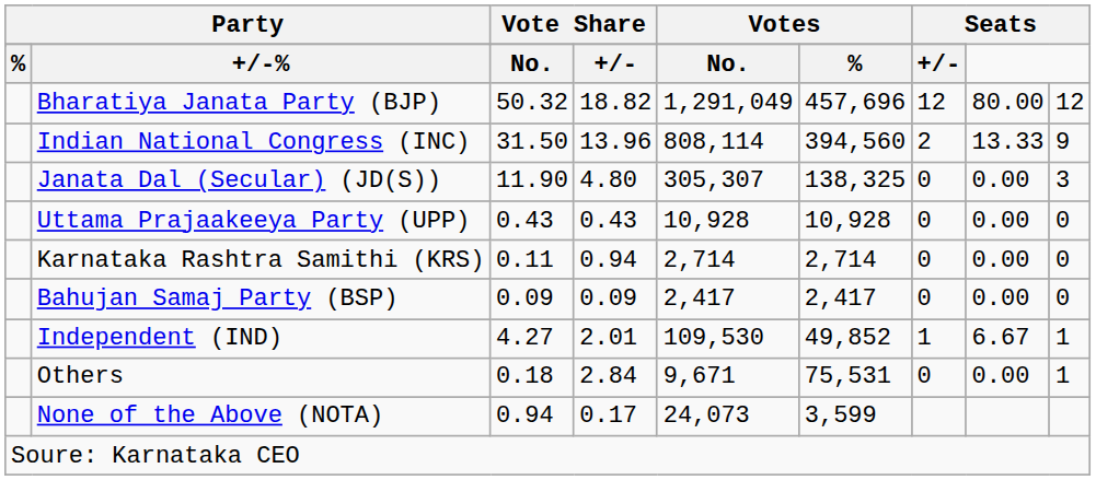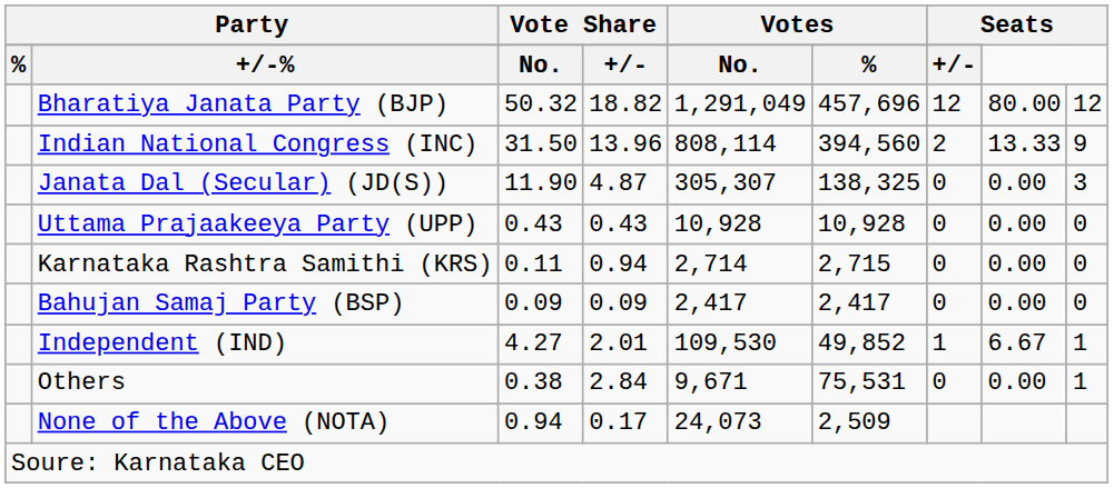 <table class="wikitable sortable">
 <tr>
 <th colspan="2" rowspan="2">Party</th>
 <th colspan="2">Vote Share</th>
 <th colspan="2">Votes</th>
 <th colspan="3">Seats</th>
 </tr>
 <tr>
 </tr>
 <tr>
 </tr>
 <tr>
 </tr>
 <tr>
 <th>%</th>
 <th>+/-%</th>
 <th>No.</th>
 <th>+/-</th>
 <th>No.</th>
 <th>%</th>
 <th>+/-</th>
 </tr>
 <tr>
 <td style="background-color:"></td>
 <td><a href='#'>Bharatiya Janata Party</a> (BJP)</td>
 <td>50.32</td>
 <td>18.82</td>
 <td>1,291,049</td>
 <td>457,696</td>
 <td>12</td>
 <td>80.00</td>
 <td>12</td>
 </tr>
 <tr>
 <td style="background-color: "></td>
 <td><a href='#'>Indian National Congress</a> (INC)</td>
 <td>31.50</td>
 <td>13.96</td>
 <td>808,114</td>
 <td>394,560</td>
 <td>2</td>
 <td>13.33</td>
 <td>9</td>
 </tr>
 <tr>
 <td style="background-color: "></td>
 <td><a href='#'>Janata Dal (Secular)</a> (JD(S))</td>
 <td>11.90</td>
-<td>4.80</td>
+<td>4.87</td>
 <td>305,307</td>
 <td>138,325</td>
 <td>0</td>
 <td>0.00</td>
 <td>3</td>
 </tr>
 <tr>
 <td style="background-color: "></td>
 <td><a href='#'>Uttama Prajaakeeya Party</a> (UPP)</td>
 <td>0.43</td>
 <td>0.43</td>
 <td>10,928</td>
 <td>10,928</td>
 <td>0</td>
 <td>0.00</td>
 <td>0</td>
 </tr>
 <tr>
 <td style="background-color: "></td>
 <td>Karnataka Rashtra Samithi (KRS)</td>
 <td>0.11</td>
 <td>0.94</td>
 <td>2,714</td>
-<td>2,714</td>
+<td>2,715</td>
 <td>0</td>
 <td>0.00</td>
 <td>0</td>
 </tr>
 <tr>
 <td style="background-color: "></td>
 <td><a href='#'>Bahujan Samaj Party</a> (BSP)</td>
 <td>0.09</td>
 <td>0.09</td>
 <td>2,417</td>
 <td>2,417</td>
 <td>0</td>
 <td>0.00</td>
 <td>0</td>
 </tr>
 <tr>
 <td style="background-color: "></td>
 <td><a href='#'>Independent</a> (IND)</td>
 <td>4.27</td>
 <td>2.01</td>
 <td>109,530</td>
 <td>49,852</td>
 <td>1</td>
 <td>6.67</td>
 <td>1</td>
 </tr>
 <tr>
 <td></td>
 <td>Others</td>
-<td>0.18</td>
+<td>0.38</td>
 <td>2.84</td>
 <td>9,671</td>
 <td>75,531</td>
 <td>0</td>
 <td>0.00</td>
 <td>1</td>
 </tr>
 <tr>
 <td></td>
 <td><a href='#'>None of the Above</a> (NOTA)</td>
 <td>0.94</td>
 <td>0.17</td>
 <td>24,073</td>
-<td>3,599</td>
+<td>2,509</td>
 <td></td>
 <td></td>
 <td></td>
 </tr>
 <tr class="sortbottom">
 <td colspan=11>Soure: Karnataka CEO</td>
 </tr>
 </table>
